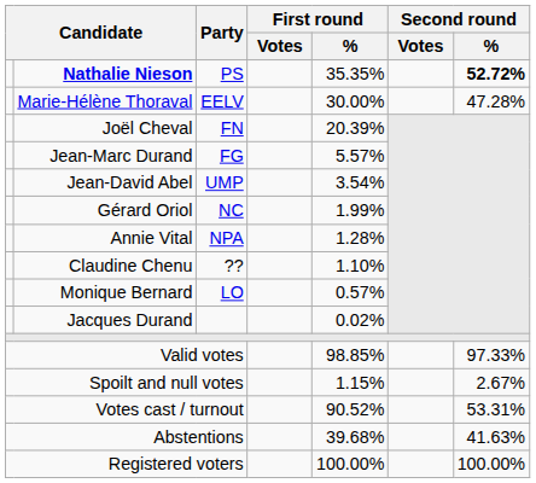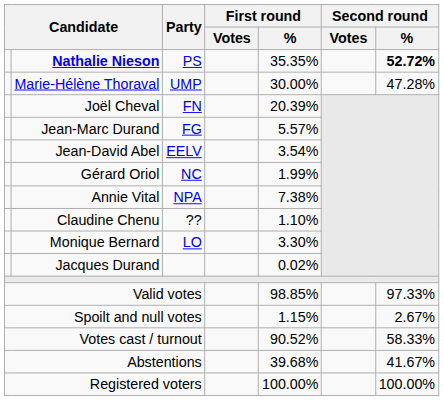 <table class="wikitable" style="text-align:right;font-size:95%;">
 <tr>
 <th rowspan=2 colspan=2>Candidate</th>
 <th rowspan=2 colspan=1>Party</th>
 <th colspan=2>First round</th>
 <th colspan=2>Second round</th>
 </tr>
 <tr>
 <th style="width:50px;">Votes</th>
 <th style="width:55px;">%</th>
 <th style="width:50px;">Votes</th>
 <th style="width:55px;">%</th>
 </tr>
 <tr>
 <td style="color:inherit;background-color:"></td>
 <td><strong><a href='#'>Nathalie Nieson</a></strong></td>
 <td><a href='#'>PS</a></td>
 <td></td>
 <td>35.35%</td>
 <td><strong></strong></td>
 <td><strong>52.72%</strong></td>
 </tr>
 <tr>
 <td style="color:inherit;background-color:"></td>
 <td><a href='#'>Marie-Hélène Thoraval</a></td>
-<td><a href='#'>EELV</a></td>
+<td><a href='#'>UMP</a></td>
 <td></td>
 <td>30.00%</td>
 <td></td>
 <td>47.28%</td>
 </tr>
 <tr>
 <td style="color:inherit;background-color:"></td>
 <td>Joël Cheval</td>
 <td><a href='#'>FN</a></td>
 <td></td>
 <td>20.39%</td>
 <td colspan=7 rowspan=8 style="background-color:#E9E9E9;"></td>
 </tr>
 <tr>
 <td style="color:inherit;background-color:"></td>
 <td>Jean-Marc Durand</td>
 <td><a href='#'>FG</a></td>
 <td></td>
 <td>5.57%</td>
 </tr>
 <tr>
 <td style="color:inherit;background-color:"></td>
 <td>Jean-David Abel</td>
-<td><a href='#'>UMP</a></td>
+<td><a href='#'>EELV</a></td>
 <td></td>
 <td>3.54%</td>
 </tr>
 <tr>
 <td style="color:inherit;background-color:"></td>
 <td>Gérard Oriol</td>
 <td><a href='#'>NC</a></td>
 <td></td>
 <td>1.99%</td>
 </tr>
 <tr>
 <td style="color:inherit;background-color:"></td>
 <td>Annie Vital</td>
 <td><a href='#'>NPA</a></td>
 <td></td>
-<td>1.28%</td>
+<td>7.38%</td>
 </tr>
 <tr>
 <td style="background-color:;"></td>
 <td>Claudine Chenu</td>
 <td>??</td>
 <td></td>
 <td>1.10%</td>
 </tr>
 <tr>
 <td style="color:inherit;background-color:"></td>
 <td>Monique Bernard</td>
 <td><a href='#'>LO</a></td>
 <td></td>
-<td>0.57%</td>
+<td>3.30%</td>
 </tr>
 <tr>
 <td style="background-color:;"></td>
 <td>Jacques Durand</td>
 <td></td>
 <td></td>
 <td>0.02%</td>
 </tr>
 <tr>
 <td colspan=7 style="background-color:#E9E9E9;"></td>
 </tr>
 <tr>
 <td colspan=3>Valid votes</td>
 <td></td>
 <td>98.85%</td>
 <td></td>
 <td>97.33%</td>
 </tr>
 <tr>
 <td colspan=3>Spoilt and null votes</td>
 <td></td>
 <td>1.15%</td>
 <td></td>
 <td>2.67%</td>
 </tr>
 <tr>
 <td colspan=3>Votes cast / turnout</td>
 <td></td>
 <td>90.52%</td>
 <td></td>
-<td>53.31%</td>
+<td>58.33%</td>
 </tr>
 <tr>
 <td colspan=3>Abstentions</td>
 <td></td>
 <td>39.68%</td>
 <td></td>
-<td>41.63%</td>
+<td>41.67%</td>
 </tr>
 <tr>
 <td colspan=3>Registered voters</td>
 <td></td>
 <td>100.00%</td>
 <td></td>
 <td>100.00%</td>
 </tr>
 </table>
